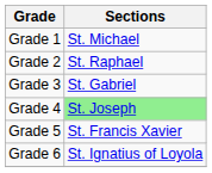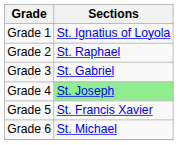 <table class="wikitable">
 <tr>
 <th>Grade</th>
 <th>Sections</th>
 </tr>
 <tr>
 <td>Grade 1</td>
-<td><a href='#'>St. Michael</a></td>
+<td><a href='#'>St. Ignatius of Loyola</a></td>
 </tr>
 <tr>
 <td>Grade 2</td>
 <td><a href='#'>St. Raphael</a></td>
 </tr>
 <tr>
 <td>Grade 3</td>
 <td><a href='#'>St. Gabriel</a></td>
 </tr>
 <tr>
 <td>Grade 4</td>
 <td style="background: lightgreen;"><a href='#'>St. Joseph</a></td>
 </tr>
 <tr>
 <td>Grade 5</td>
 <td><a href='#'>St. Francis Xavier</a></td>
 </tr>
 <tr>
 <td>Grade 6</td>
-<td><a href='#'>St. Ignatius of Loyola</a></td>
+<td><a href='#'>St. Michael</a></td>
 </tr>
 <tr>
 </tr>
 </table>
